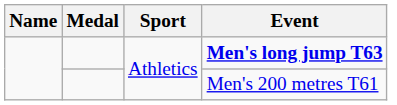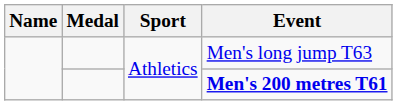 <table class="wikitable sortable" style="font-size:90%">
 <tr>
 <th>Name</th>
 <th>Medal</th>
 <th>Sport</th>
 <th>Event</th>
 </tr>
 <tr>
 <td rowspan=5></td>
 <td></td>
 <td rowspan=5><a href='#'>Athletics</a></td>
-<td><strong><a href='#'>Men's long jump T63</a></strong></td>
+<td><a href='#'>Men's long jump T63</a></td>
 </tr>
 <tr>
 <td></td>
-<td><a href='#'>Men's 200 metres T61</a></td>
+<td><strong><a href='#'>Men's 200 metres T61</a></strong></td>
 </tr>
 </table>
